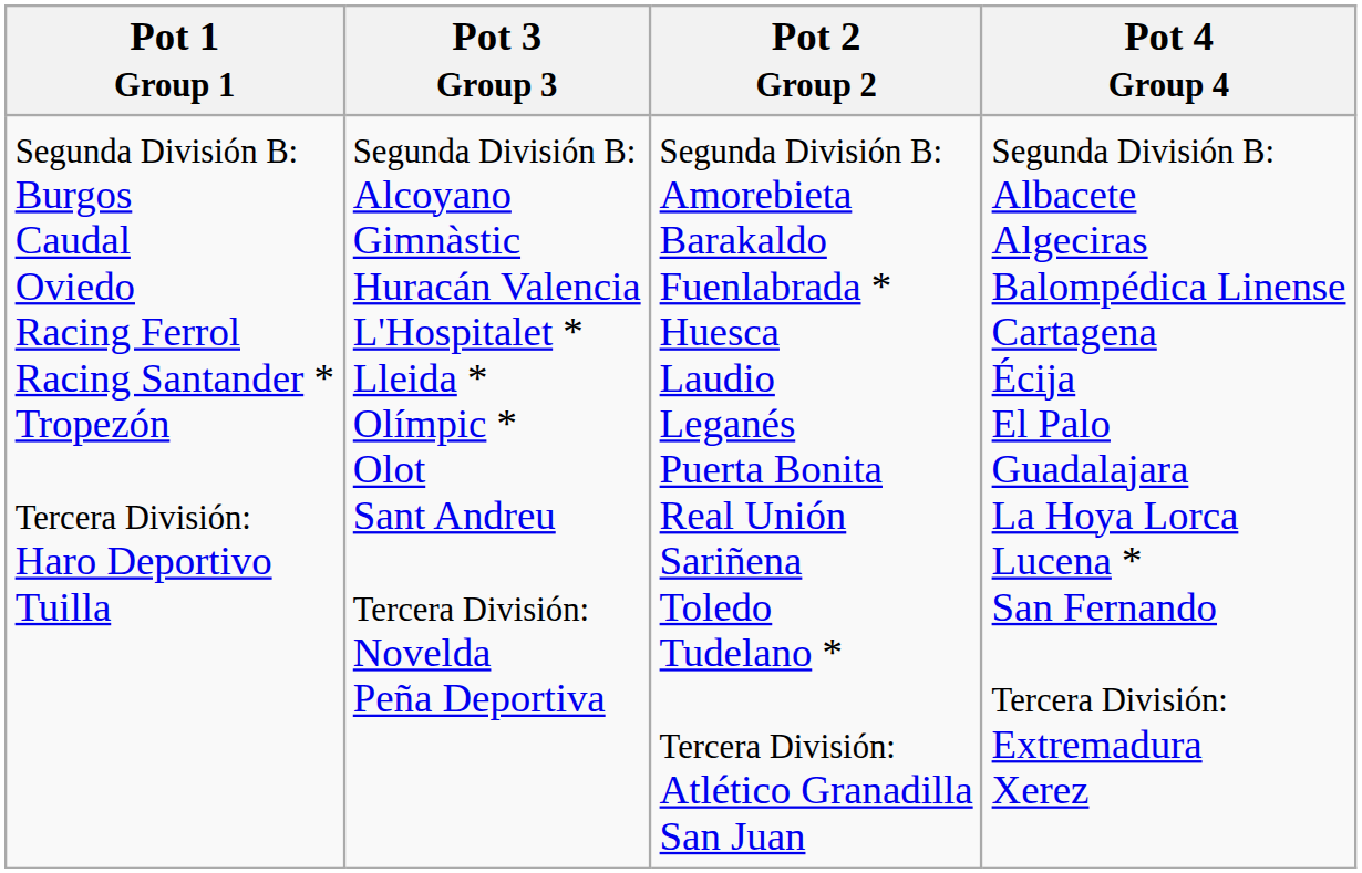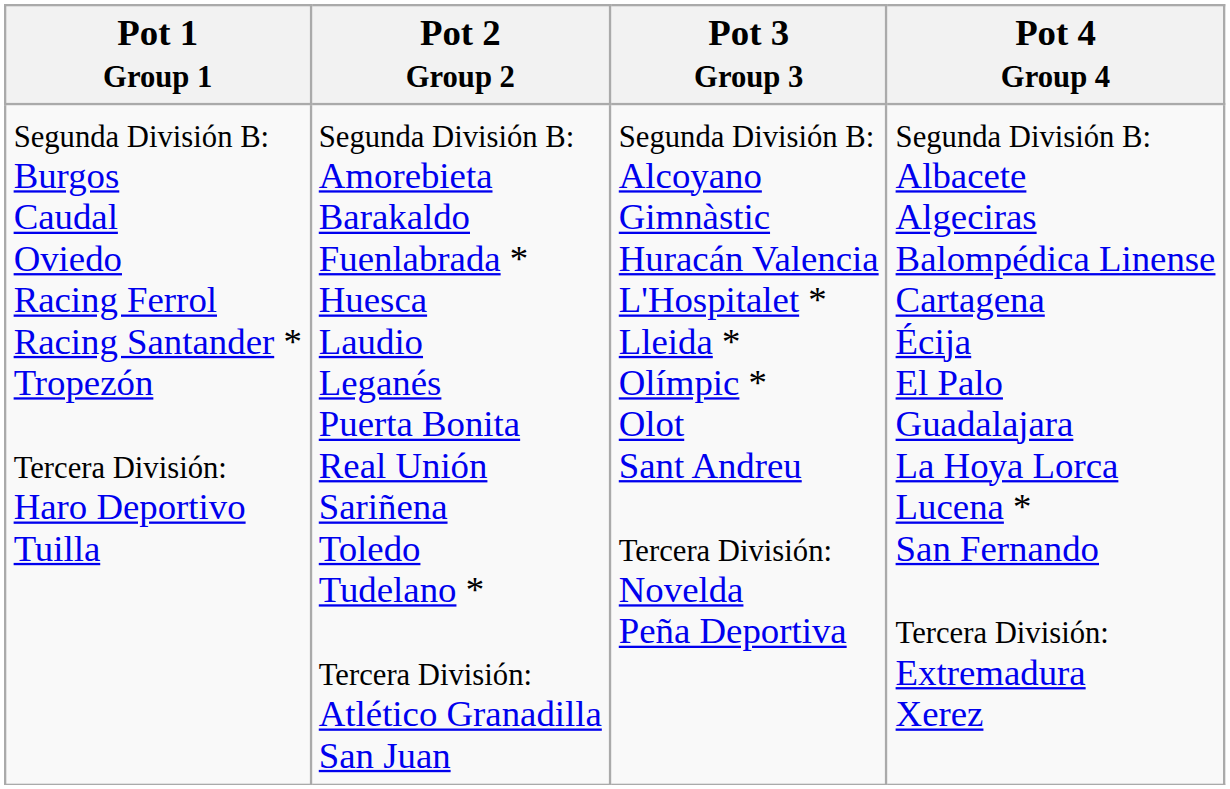 <table class="wikitable">
 <tr>
 <th>Pot 1<br><small>Group 1</small></th>
+<th>Pot 2<br><small>Group 2</small></th>
 <th>Pot 3<br><small>Group 3</small></th>
-<th>Pot 2<br><small>Group 2</small></th>
 <th>Pot 4<br><small>Group 4</small></th>
 </tr>
 <tr>
 <td valign=top><small>Segunda División B:</small><br><a href='#'>Burgos</a><br><a href='#'>Caudal</a><br><a href='#'>Oviedo</a><br><a href='#'>Racing Ferrol</a><br><a href='#'>Racing Santander</a> *<br><a href='#'>Tropezón</a><br><br><small>Tercera División:</small><br><a href='#'>Haro Deportivo</a><br><a href='#'>Tuilla</a></td>
+<td valign=top><small>Segunda División B:</small><br><a href='#'>Amorebieta</a><br><a href='#'>Barakaldo</a><br><a href='#'>Fuenlabrada</a> *<br><a href='#'>Huesca</a><br><a href='#'>Laudio</a><br><a href='#'>Leganés</a><br><a href='#'>Puerta Bonita</a><br><a href='#'>Real Unión</a><br><a href='#'>Sariñena</a><br><a href='#'>Toledo</a><br><a href='#'>Tudelano</a> *<br><br><small>Tercera División:</small><br><a href='#'>Atlético Granadilla</a><br><a href='#'>San Juan</a></td>
 <td valign=top><small>Segunda División B:</small><br><a href='#'>Alcoyano</a><br><a href='#'>Gimnàstic</a><br><a href='#'>Huracán Valencia</a><br><a href='#'>L'Hospitalet</a> *<br><a href='#'>Lleida</a> *<br><a href='#'>Olímpic</a> *<br><a href='#'>Olot</a><br><a href='#'>Sant Andreu</a><br><br><small>Tercera División:</small><br><a href='#'>Novelda</a><br><a href='#'>Peña Deportiva</a></td>
-<td valign=top><small>Segunda División B:</small><br><a href='#'>Amorebieta</a><br><a href='#'>Barakaldo</a><br><a href='#'>Fuenlabrada</a> *<br><a href='#'>Huesca</a><br><a href='#'>Laudio</a><br><a href='#'>Leganés</a><br><a href='#'>Puerta Bonita</a><br><a href='#'>Real Unión</a><br><a href='#'>Sariñena</a><br><a href='#'>Toledo</a><br><a href='#'>Tudelano</a> *<br><br><small>Tercera División:</small><br><a href='#'>Atlético Granadilla</a><br><a href='#'>San Juan</a></td>
 <td valign=top><small>Segunda División B:</small><br><a href='#'>Albacete</a><br><a href='#'>Algeciras</a><br><a href='#'>Balompédica Linense</a><br><a href='#'>Cartagena</a><br><a href='#'>Écija</a><br><a href='#'>El Palo</a><br><a href='#'>Guadalajara</a><br><a href='#'>La Hoya Lorca</a><br><a href='#'>Lucena</a> *<br><a href='#'>San Fernando</a><br><br><small>Tercera División:</small><br><a href='#'>Extremadura</a><br><a href='#'>Xerez</a></td>
 </tr>
 </table>
